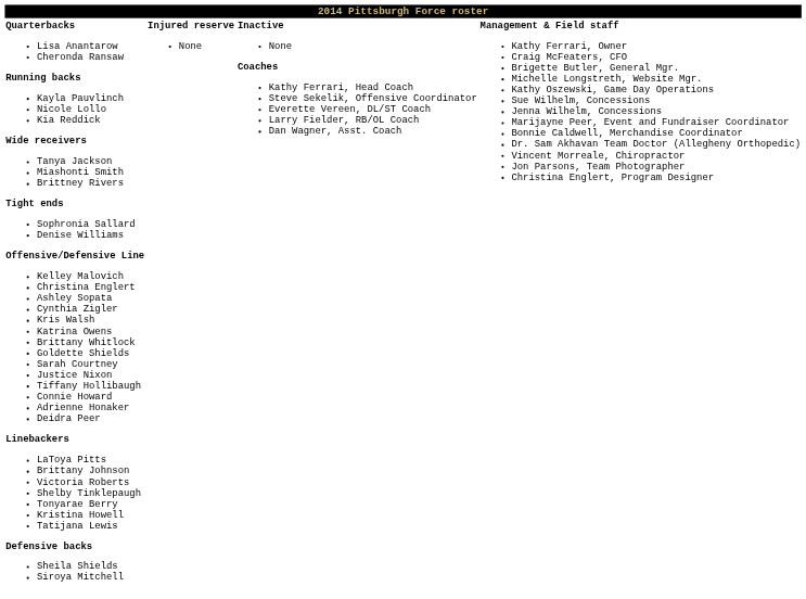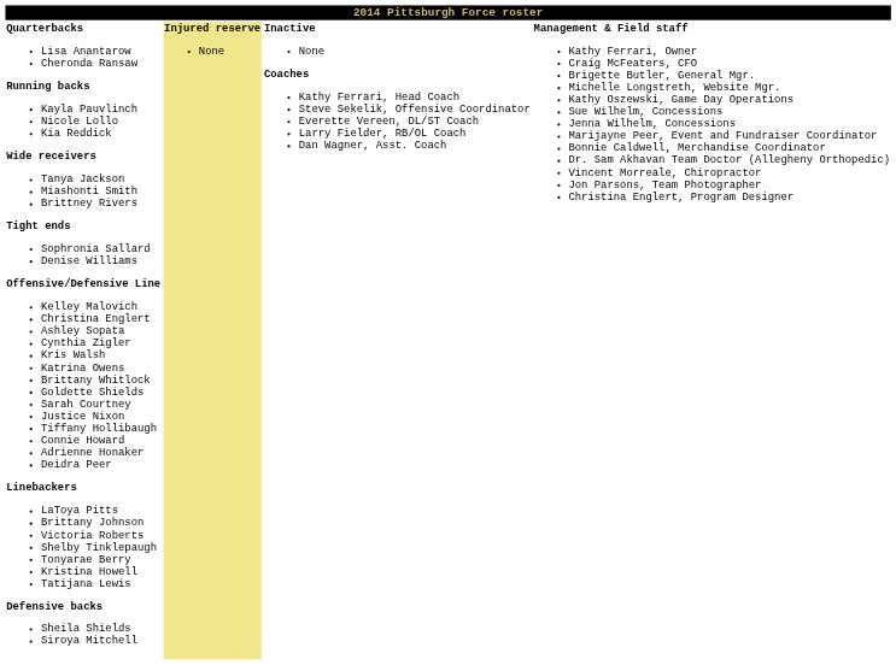 <table class="toccolours" style="text-align: left;">
 <tr>
 <th colspan="7" style="background-color:black; color:#CDB87C; text-align:center;">2014 Pittsburgh Force roster</th>
 </tr>
 <tr>
 <td style="font-size: 95%;vertical-align:top;"><strong>Quarterbacks</strong><br><ul><li> Lisa Anantarow</li><li> Cheronda Ransaw</li></ul><strong>Running backs</strong><ul><li> Kayla Pauvlinch</li><li> Nicole Lollo</li><li> Kia Reddick</li></ul><strong>Wide receivers</strong><ul><li> Tanya Jackson</li><li> Miashonti Smith</li><li> Brittney Rivers</li></ul><strong>Tight ends</strong><ul><li> Sophronia Sallard</li><li> Denise Williams</li></ul><strong>Offensive/Defensive Line</strong><ul><li> Kelley Malovich</li><li> Christina Englert</li><li> Ashley Sopata</li><li> Cynthia Zigler</li><li> Kris Walsh</li><li> Katrina Owens</li><li> Brittany Whitlock</li><li> Goldette Shields</li><li> Sarah Courtney</li><li> Justice Nixon</li><li> Tiffany Hollibaugh</li><li> Connie Howard</li><li> Adrienne Honaker</li><li> Deidra Peer</li></ul><strong>Linebackers</strong><ul><li> LaToya Pitts</li><li> Brittany Johnson</li><li> Victoria Roberts</li><li> Shelby Tinklepaugh</li><li> Tonyarae Berry</li><li> Kristina Howell</li><li> Tatijana Lewis</li></ul><strong>Defensive backs</strong><ul><li> Sheila Shields</li><li> Siroya Mitchell</li></ul></td>
-<td style="font-size: 95%;vertical-align:top;"><strong>Injured reserve</strong><br><ul><li> None</li></ul></td>
+<td style="background: khaki; font-size: 95%;vertical-align:top;"><strong>Injured reserve</strong><br><ul><li> None</li></ul></td>
 <td style="font-size: 95%;vertical-align:top;"><strong>Inactive</strong><br><ul><li> None</li></ul><strong>Coaches</strong><ul><li> Kathy Ferrari, Head Coach</li><li> Steve Sekelik, Offensive Coordinator</li><li> Everette Vereen, DL/ST Coach</li><li> Larry Fielder, RB/OL Coach</li><li> Dan Wagner, Asst. Coach</li></ul></td>
 <td style="font-size: 95%;vertical-align:top;"><strong>Management & Field staff</strong><br><ul><li> Kathy Ferrari, Owner</li><li> Craig McFeaters, CFO</li><li> Brigette Butler, General Mgr.</li><li> Michelle Longstreth, Website Mgr.</li><li> Kathy Oszewski, Game Day Operations</li><li> Sue Wilhelm, Concessions</li><li> Jenna Wilhelm, Concessions</li><li> Marijayne Peer, Event and Fundraiser Coordinator</li><li> Bonnie Caldwell, Merchandise Coordinator</li><li> Dr. Sam Akhavan Team Doctor (Allegheny Orthopedic)</li><li> Vincent Morreale, Chiropractor</li><li> Jon Parsons, Team Photographer</li><li> Christina Englert, Program Designer</li></ul></td>
 </tr>
 </table>
